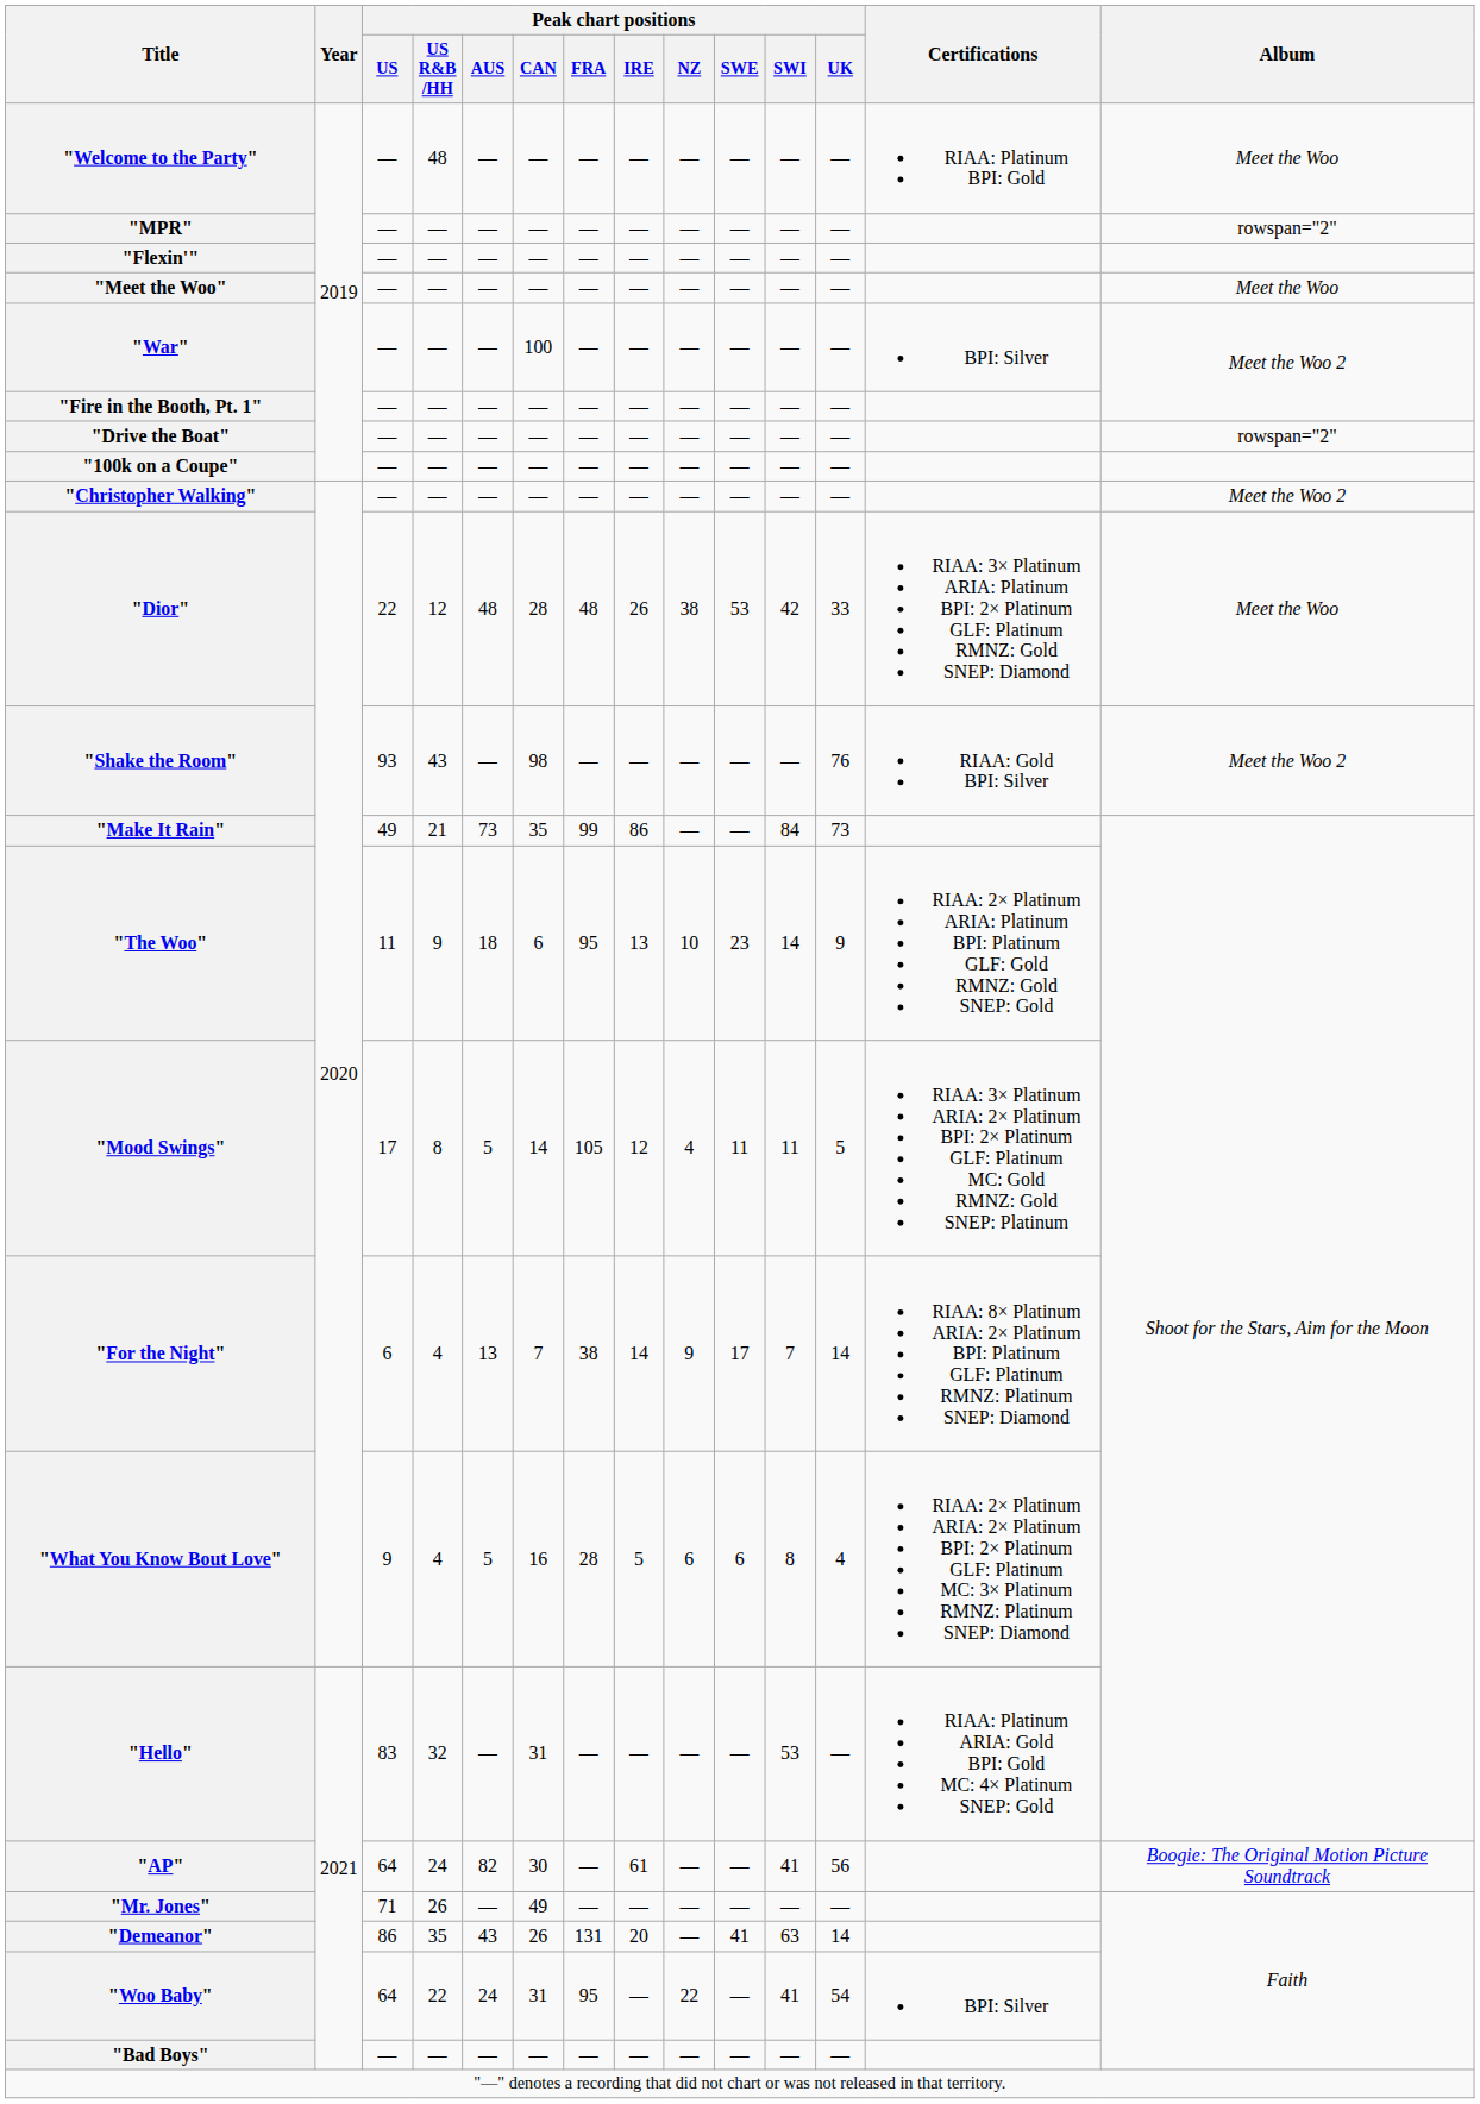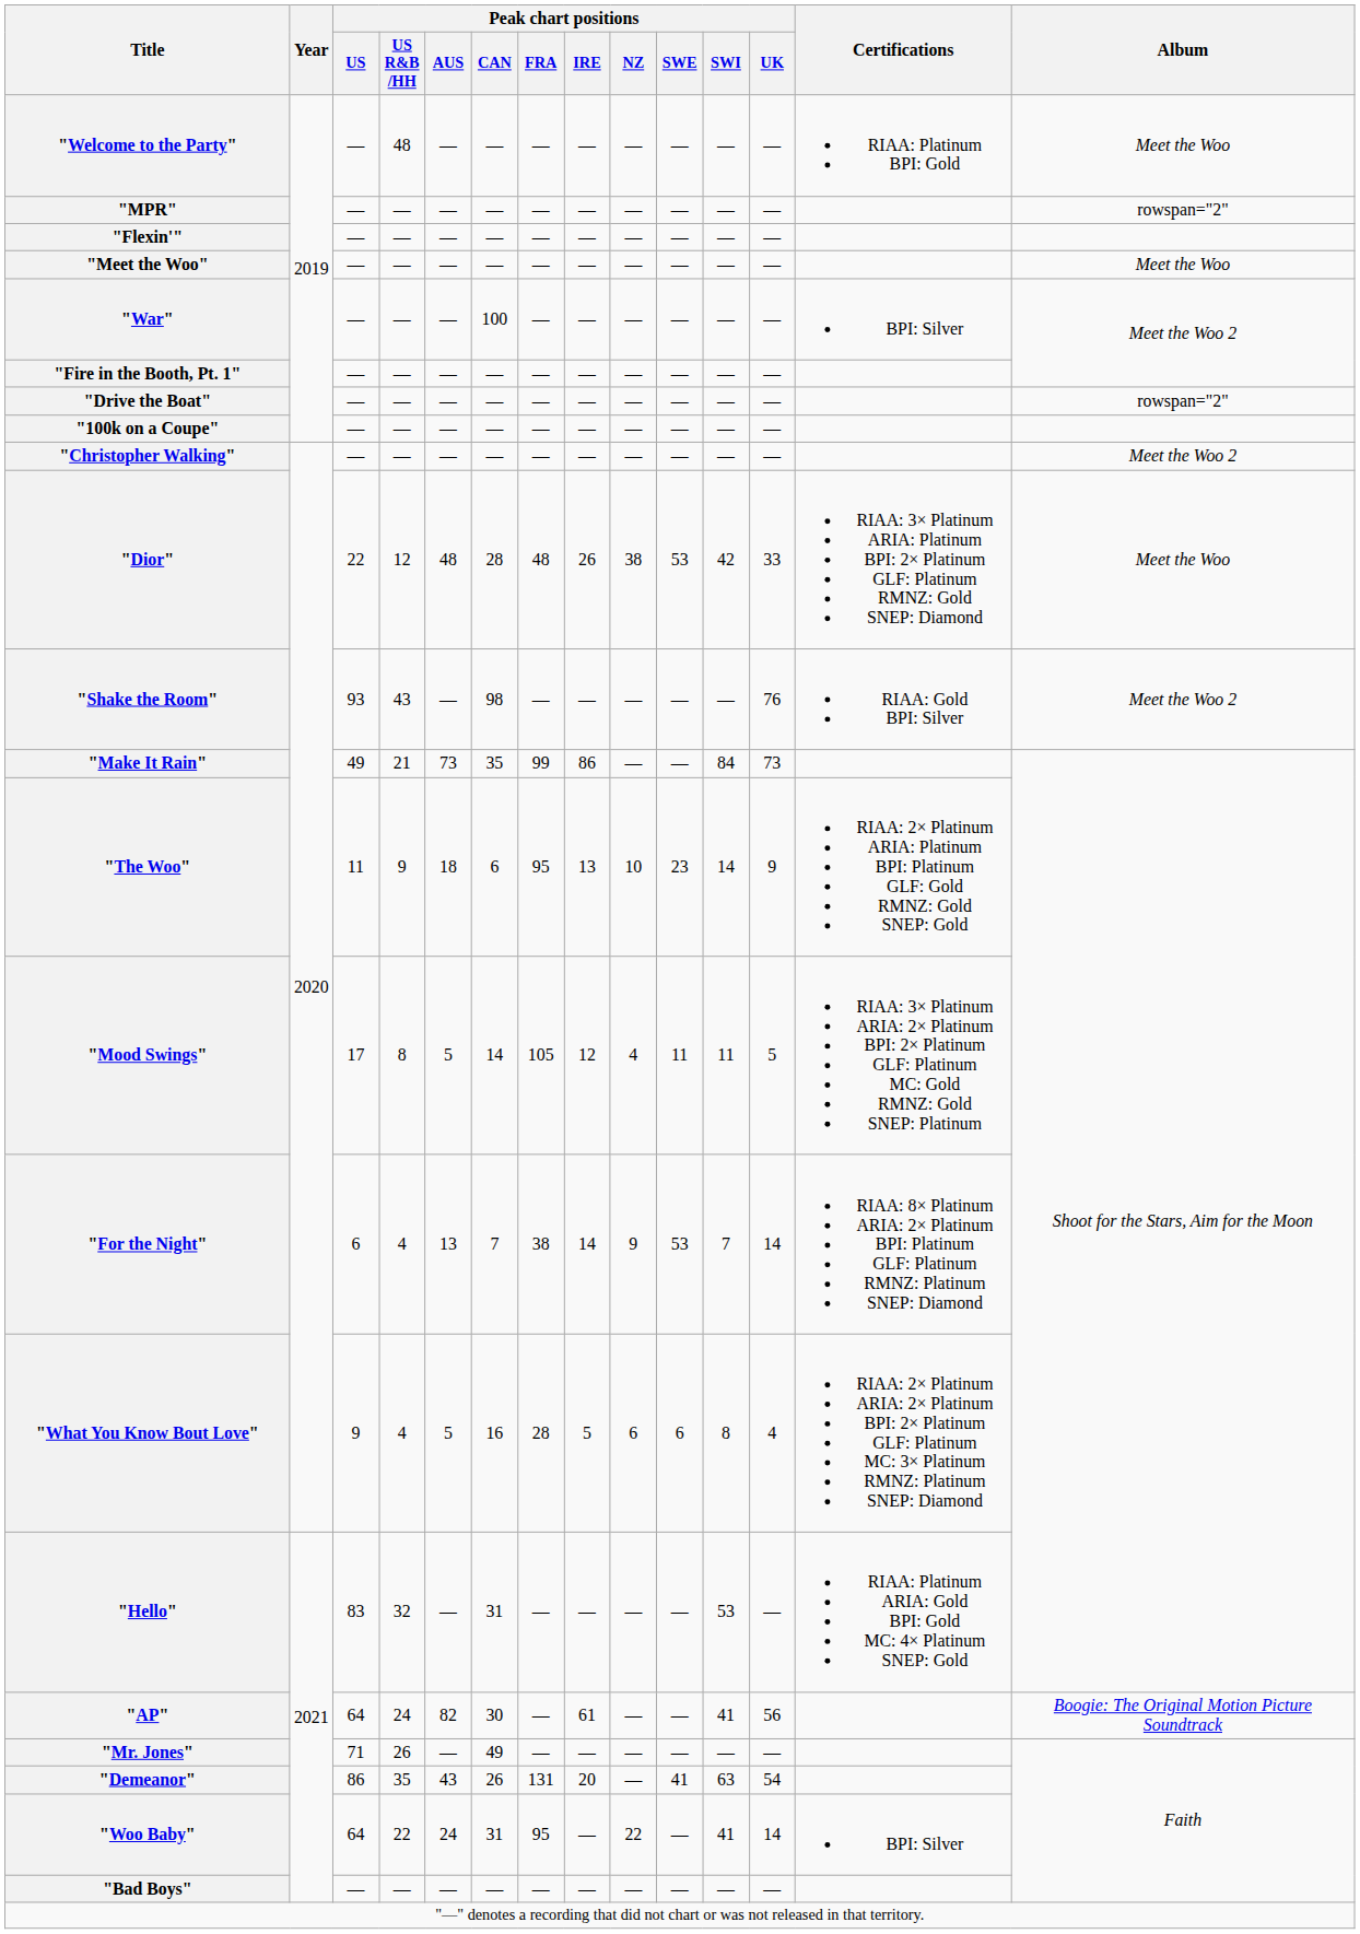 <table class="wikitable plainrowheaders" style="text-align:center;">
 <tr>
 <th scope="col" rowspan="2" style="width:16em;">Title</th>
 <th scope="col" rowspan="2" style="width:1em;">Year</th>
 <th scope="col" colspan="10">Peak chart positions</th>
 <th scope="col" rowspan="2" style="width:12em;">Certifications</th>
 <th scope="col" rowspan="2">Album</th>
 </tr>
 <tr>
 <th scope="col" style="width:2.5em;font-size:90%;"><a href='#'>US</a><br></th>
 <th scope="col" style="width:2.5em;font-size:90%;"><a href='#'>US<br>R&B<br>/HH</a><br></th>
 <th scope="col" style="width:2.5em;font-size:90%;"><a href='#'>AUS</a><br></th>
 <th scope="col" style="width:2.5em;font-size:90%;"><a href='#'>CAN</a><br></th>
 <th scope="col" style="width:2.5em;font-size:90%;"><a href='#'>FRA</a><br></th>
 <th scope="col" style="width:2.5em;font-size:90%;"><a href='#'>IRE</a><br></th>
 <th scope="col" style="width:2.5em;font-size:90%;"><a href='#'>NZ</a><br></th>
 <th scope="col" style="width:2.5em;font-size:90%;"><a href='#'>SWE</a><br></th>
 <th scope="col" style="width:2.5em;font-size:90%;"><a href='#'>SWI</a><br></th>
 <th scope="col" style="width:2.5em;font-size:90%;"><a href='#'>UK</a><br></th>
 </tr>
 <tr>
 <th scope="row">"<a href='#'>Welcome to the Party</a>"<br></th>
 <td rowspan="8">2019</td>
 <td>—</td>
 <td>48</td>
 <td>—</td>
 <td>—</td>
 <td>—</td>
 <td>—</td>
 <td>—</td>
 <td>—</td>
 <td>—</td>
 <td>—</td>
 <td><br><ul><li>RIAA: Platinum</li><li>BPI: Gold</li></ul></td>
 <td><em>Meet the Woo</em></td>
 </tr>
 <tr>
 <th scope="row">"MPR"</th>
 <td>—</td>
 <td>—</td>
 <td>—</td>
 <td>—</td>
 <td>—</td>
 <td>—</td>
 <td>—</td>
 <td>—</td>
 <td>—</td>
 <td>—</td>
 <td></td>
 <td>rowspan="2" </td>
 </tr>
 <tr>
 <th scope="row">"Flexin'"</th>
 <td>—</td>
 <td>—</td>
 <td>—</td>
 <td>—</td>
 <td>—</td>
 <td>—</td>
 <td>—</td>
 <td>—</td>
 <td>—</td>
 <td>—</td>
 <td></td>
 </tr>
 <tr>
 <th scope="row">"Meet the Woo"</th>
 <td>—</td>
 <td>—</td>
 <td>—</td>
 <td>—</td>
 <td>—</td>
 <td>—</td>
 <td>—</td>
 <td>—</td>
 <td>—</td>
 <td>—</td>
 <td></td>
 <td><em>Meet the Woo</em></td>
 </tr>
 <tr>
 <th scope="row">"<a href='#'>War</a>"<br></th>
 <td>—</td>
 <td>—</td>
 <td>—</td>
 <td>100</td>
 <td>—</td>
 <td>—</td>
 <td>—</td>
 <td>—</td>
 <td>—</td>
 <td>—</td>
 <td><br><ul><li>BPI: Silver</li></ul></td>
 <td rowspan="2"><em>Meet the Woo 2</em></td>
 </tr>
 <tr>
 <th scope="row">"Fire in the Booth, Pt. 1"<br></th>
 <td>—</td>
 <td>—</td>
 <td>—</td>
 <td>—</td>
 <td>—</td>
 <td>—</td>
 <td>—</td>
 <td>—</td>
 <td>—</td>
 <td>—</td>
 <td></td>
 </tr>
 <tr>
 <th scope="row">"Drive the Boat"</th>
 <td>—</td>
 <td>—</td>
 <td>—</td>
 <td>—</td>
 <td>—</td>
 <td>—</td>
 <td>—</td>
 <td>—</td>
 <td>—</td>
 <td>—</td>
 <td></td>
 <td>rowspan="2" </td>
 </tr>
 <tr>
 <th scope="row">"100k on a Coupe"<br></th>
 <td>—</td>
 <td>—</td>
 <td>—</td>
 <td>—</td>
 <td>—</td>
 <td>—</td>
 <td>—</td>
 <td>—</td>
 <td>—</td>
 <td>—</td>
 <td></td>
 </tr>
 <tr>
 <th scope="row">"<a href='#'>Christopher Walking</a>"</th>
 <td rowspan="8">2020</td>
 <td>—</td>
 <td>—</td>
 <td>—</td>
 <td>—</td>
 <td>—</td>
 <td>—</td>
 <td>—</td>
 <td>—</td>
 <td>—</td>
 <td>—</td>
 <td></td>
 <td><em>Meet the Woo 2</em></td>
 </tr>
 <tr>
 <th scope="row">"<a href='#'>Dior</a>"</th>
 <td>22</td>
 <td>12</td>
 <td>48</td>
 <td>28</td>
 <td>48</td>
 <td>26</td>
 <td>38</td>
 <td>53</td>
 <td>42</td>
 <td>33</td>
 <td><br><ul><li>RIAA: 3× Platinum</li><li>ARIA: Platinum</li><li>BPI: 2× Platinum</li><li>GLF: Platinum</li><li>RMNZ: Gold</li><li>SNEP: Diamond</li></ul></td>
 <td><em>Meet the Woo</em> </td>
 </tr>
 <tr>
 <th scope="row">"<a href='#'>Shake the Room</a>"<br></th>
 <td>93</td>
 <td>43</td>
 <td>—</td>
 <td>98</td>
 <td>—</td>
 <td>—</td>
 <td>—</td>
 <td>—</td>
 <td>—</td>
 <td>76</td>
 <td><br><ul><li>RIAA: Gold</li><li>BPI: Silver</li></ul></td>
 <td><em>Meet the Woo 2</em></td>
 </tr>
 <tr>
 <th scope="row">"<a href='#'>Make It Rain</a>"<br></th>
 <td>49</td>
 <td>21</td>
 <td>73</td>
 <td>35</td>
 <td>99</td>
 <td>86</td>
 <td>—</td>
 <td>—</td>
 <td>84</td>
 <td>73</td>
 <td></td>
 <td rowspan="6"><em>Shoot for the Stars, Aim for the Moon</em></td>
 </tr>
 <tr>
 <th scope="row">"<a href='#'>The Woo</a>"<br></th>
 <td>11</td>
 <td>9</td>
 <td>18</td>
 <td>6</td>
 <td>95</td>
 <td>13</td>
 <td>10</td>
 <td>23</td>
 <td>14</td>
 <td>9</td>
 <td><br><ul><li>RIAA: 2× Platinum</li><li>ARIA: Platinum</li><li>BPI: Platinum</li><li>GLF: Gold</li><li>RMNZ: Gold</li><li>SNEP: Gold</li></ul></td>
 </tr>
 <tr>
 <th scope="row">"<a href='#'>Mood Swings</a>"<br></th>
 <td>17</td>
 <td>8</td>
 <td>5</td>
 <td>14</td>
 <td>105</td>
 <td>12</td>
 <td>4</td>
 <td>11</td>
 <td>11</td>
 <td>5</td>
 <td><br><ul><li>RIAA: 3× Platinum</li><li>ARIA: 2× Platinum</li><li>BPI: 2× Platinum</li><li>GLF: Platinum</li><li>MC: Gold</li><li>RMNZ: Gold</li><li>SNEP: Platinum</li></ul></td>
 </tr>
 <tr>
 <th scope="row">"<a href='#'>For the Night</a>"<br></th>
 <td>6</td>
 <td>4</td>
 <td>13</td>
 <td>7</td>
 <td>38</td>
 <td>14</td>
 <td>9</td>
-<td>17</td>
+<td>53</td>
 <td>7</td>
 <td>14</td>
 <td><br><ul><li>RIAA: 8× Platinum</li><li>ARIA: 2× Platinum</li><li>BPI: Platinum</li><li>GLF: Platinum</li><li>RMNZ: Platinum</li><li>SNEP: Diamond</li></ul></td>
 </tr>
 <tr>
 <th scope="row">"<a href='#'>What You Know Bout Love</a>"</th>
 <td>9</td>
 <td>4</td>
 <td>5</td>
 <td>16</td>
 <td>28</td>
 <td>5</td>
 <td>6</td>
 <td>6</td>
 <td>8</td>
 <td>4</td>
 <td><br><ul><li>RIAA: 2× Platinum</li><li>ARIA: 2× Platinum</li><li>BPI: 2× Platinum</li><li>GLF: Platinum</li><li>MC: 3× Platinum</li><li>RMNZ: Platinum</li><li>SNEP: Diamond</li></ul></td>
 </tr>
 <tr>
 <th scope="row">"<a href='#'>Hello</a>"<br></th>
 <td rowspan="6">2021</td>
 <td>83</td>
 <td>32</td>
 <td>—</td>
 <td>31</td>
 <td>—</td>
 <td>—</td>
 <td>—</td>
 <td>—</td>
 <td>53</td>
 <td>—</td>
 <td><br><ul><li>RIAA: Platinum</li><li>ARIA: Gold</li><li>BPI: Gold</li><li>MC: 4× Platinum</li><li>SNEP: Gold</li></ul></td>
 </tr>
 <tr>
 <th scope="row">"<a href='#'>AP</a>"</th>
 <td>64</td>
 <td>24</td>
 <td>82</td>
 <td>30</td>
 <td>—</td>
 <td>61</td>
 <td>—</td>
 <td>—</td>
 <td>41</td>
 <td>56</td>
 <td></td>
 <td><em><a href='#'>Boogie: The Original Motion Picture Soundtrack</a></em></td>
 </tr>
 <tr>
 <th scope="row">"<a href='#'>Mr. Jones</a>"<br></th>
 <td>71</td>
 <td>26</td>
 <td>—</td>
 <td>49</td>
 <td>—</td>
 <td>—</td>
 <td>—</td>
 <td>—</td>
 <td>—</td>
 <td>—</td>
 <td></td>
 <td rowspan="4"><em>Faith</em></td>
 </tr>
 <tr>
 <th scope="row">"<a href='#'>Demeanor</a>"<br></th>
 <td>86</td>
 <td>35</td>
 <td>43</td>
 <td>26</td>
 <td>131</td>
 <td>20</td>
 <td>—</td>
 <td>41</td>
 <td>63</td>
-<td>14</td>
+<td>54</td>
 <td></td>
 </tr>
 <tr>
 <th scope="row">"<a href='#'>Woo Baby</a>"<br></th>
 <td>64</td>
 <td>22</td>
 <td>24</td>
 <td>31</td>
 <td>95</td>
 <td>—</td>
 <td>22</td>
 <td>—</td>
 <td>41</td>
-<td>54</td>
+<td>14</td>
 <td><br><ul><li>BPI: Silver</li></ul></td>
 </tr>
 <tr>
 <th scope="row">"Bad Boys"<br></th>
 <td>—</td>
 <td>—</td>
 <td>—</td>
 <td>—</td>
 <td>—</td>
 <td>—</td>
 <td>—</td>
 <td>—</td>
 <td>—</td>
 <td>—</td>
 </tr>
 <tr>
 <td colspan="16" style="font-size:90%">"—" denotes a recording that did not chart or was not released in that territory.</td>
 </tr>
 </table>
